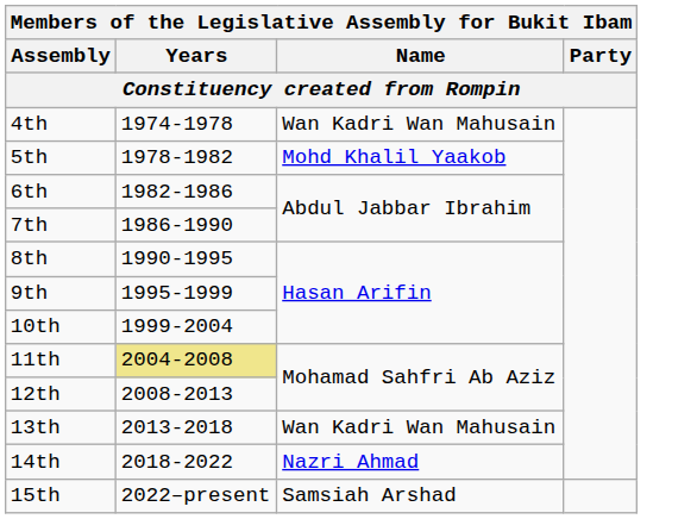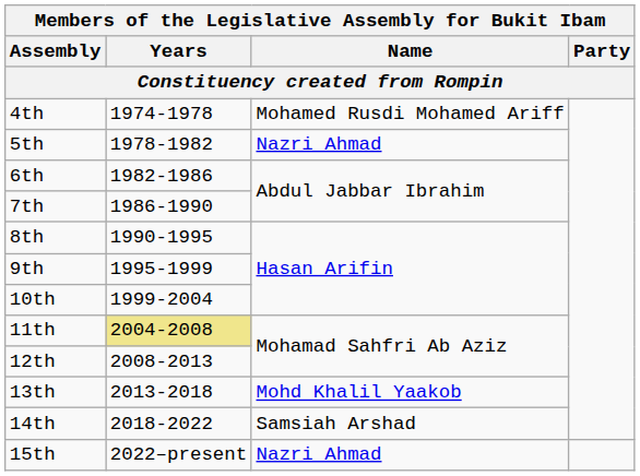 <table class="wikitable">
 <tr>
 <th colspan="4">Members of the Legislative Assembly for Bukit Ibam</th>
 </tr>
 <tr>
 <th>Assembly</th>
 <th>Years</th>
 <th>Name</th>
 <th>Party</th>
 </tr>
 <tr>
 <th colspan="4"><em>Constituency created from Rompin</em></th>
 </tr>
 <tr>
 <td>4th</td>
 <td>1974-1978</td>
-<td>Wan Kadri Wan Mahusain</td>
+<td>Mohamed Rusdi Mohamed Ariff</td>
 <td rowspan="11"></td>
 </tr>
 <tr>
 <td>5th</td>
 <td>1978-1982</td>
-<td><a href='#'>Mohd Khalil Yaakob</a></td>
+<td><a href='#'>Nazri Ahmad</a></td>
 </tr>
 <tr>
 <td>6th</td>
 <td>1982-1986</td>
 <td rowspan="2">Abdul Jabbar Ibrahim</td>
 </tr>
 <tr>
 <td>7th</td>
 <td>1986-1990</td>
 </tr>
 <tr>
 <td>8th</td>
 <td>1990-1995</td>
 <td rowspan="3"><a href='#'>Hasan Arifin</a></td>
 </tr>
 <tr>
 <td>9th</td>
 <td>1995-1999</td>
 </tr>
 <tr>
 <td>10th</td>
 <td>1999-2004</td>
 </tr>
 <tr>
 <td>11th</td>
 <td style="background: khaki;">2004-2008</td>
 <td rowspan="2">Mohamad Sahfri Ab Aziz</td>
 </tr>
 <tr>
 <td>12th</td>
 <td>2008-2013</td>
 </tr>
 <tr>
 <td>13th</td>
 <td>2013-2018</td>
-<td>Wan Kadri Wan Mahusain</td>
+<td><a href='#'>Mohd Khalil Yaakob</a></td>
 </tr>
 <tr>
 <td>14th</td>
 <td>2018-2022</td>
-<td><a href='#'>Nazri Ahmad</a></td>
+<td>Samsiah Arshad</td>
 </tr>
 <tr>
 <td>15th</td>
 <td>2022–present</td>
-<td>Samsiah Arshad</td>
+<td><a href='#'>Nazri Ahmad</a></td>
 <td></td>
 </tr>
 </table>
